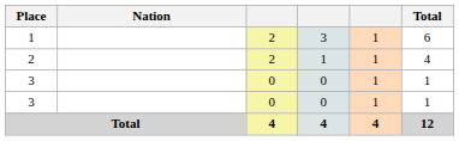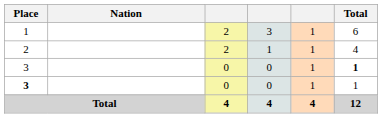 <table class=wikitable style="border:1px solid #AAAAAA;font-size:90%">
 <tr bgcolor="#EFEFEF">
 <th width=50>Place</th>
 <th width=200>Nation</th>
 <th width=50></th>
 <th width=50></th>
 <th width=50></th>
 <th width=50>Total</th>
 </tr>
 <tr align="center" valign="top" bgcolor="#FFFFFF">
 <td>1</td>
 <td align="left"></td>
 <td style="background:#F7F6A8;">2</td>
 <td style="background:#DCE5E5;">3</td>
 <td style="background:#FFDAB9;">1</td>
 <td>6</td>
 </tr>
 <tr align="center" valign="top" bgcolor="#FFFFFF">
 <td>2</td>
 <td align="left"></td>
 <td style="background:#F7F6A8;">2</td>
 <td style="background:#DCE5E5;">1</td>
 <td style="background:#FFDAB9;">1</td>
 <td>4</td>
 </tr>
 <tr align="center" valign="top" bgcolor="#FFFFFF">
 <td>3</td>
 <td align="left"></td>
 <td style="background:#F7F6A8;">0</td>
 <td style="background:#DCE5E5;">0</td>
 <td style="background:#FFDAB9;">1</td>
-<td>1</td>
+<td><strong>1</strong></td>
 </tr>
 <tr align="center" valign="top" bgcolor="#FFFFFF">
-<td>3</td>
+<td><strong>3</strong></td>
 <td align="left"></td>
 <td style="background:#F7F6A8;">0</td>
 <td style="background:#DCE5E5;">0</td>
 <td style="background:#FFDAB9;">1</td>
 <td>1</td>
 </tr>
 <tr align="center">
 <td colspan="2" bgcolor=D3D3D3><strong>Total</strong></td>
 <td style="background:#F7F6A8;"><strong>4</strong></td>
 <td style="background:#DCE5E5;"><strong>4</strong></td>
 <td style="background:#FFDAB9;"><strong>4</strong></td>
 <td bgcolor=D3D3D3><strong>12</strong></td>
 </tr>
 </table>
